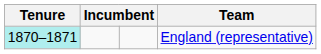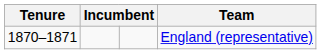 <table class="wikitable">
 <tr>
 <th>Tenure</th>
 <th colspan="2">Incumbent</th>
 <th>Team</th>
 </tr>
 <tr>
-<td style="background: paleturquoise;">1870–1871</td>
+<td>1870–1871</td>
 <td data-sort-value="Alcock, Charles W"></td>
 <td></td>
 <td><a href='#'>England (representative)</a></td>
 </tr>
 </table>
